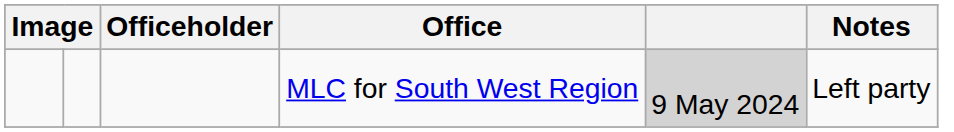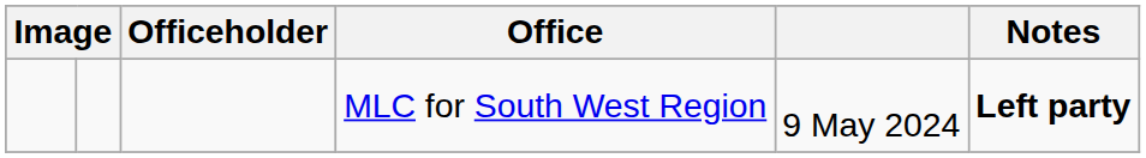 <table class="wikitable" style="text-align:center" "width:100%">
 <tr>
 <th colspan=2>Image</th>
 <th>Officeholder</th>
 <th>Office</th>
 <th></th>
 <th>Notes</th>
 </tr>
 <tr>
 <td> </td>
 <td></td>
 <td><br></td>
 <td><a href='#'>MLC</a> for <a href='#'>South West Region</a></td>
-<td style="background: lightgrey;"><br>9 May 2024</td>
-<td>Left party</td>
+<td><br>9 May 2024</td>
+<td><strong>Left party</strong></td>
 </tr>
 </table>
